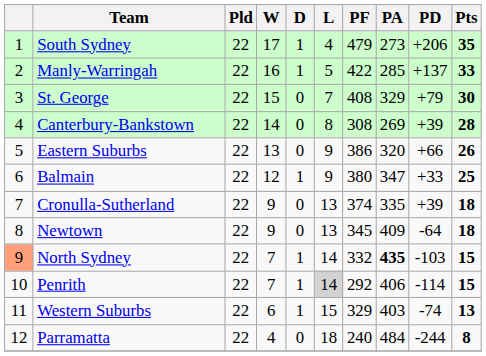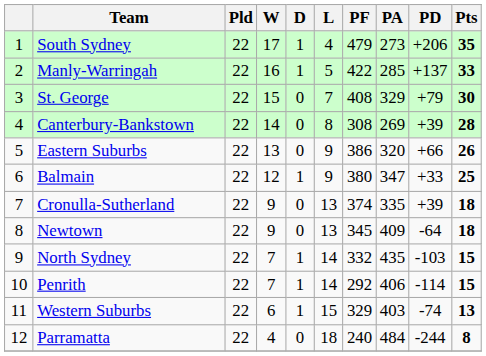 <table class="wikitable" style="text-align:center;">
 <tr>
 <th width=20 abbr="Position×"></th>
 <th width=175>Team</th>
 <th width=20 abbr="Played">Pld</th>
 <th width=20 abbr="Won">W</th>
 <th width=20 abbr="Drawn">D</th>
 <th width=20 abbr="Lost">L</th>
 <th width=20 abbr="Points for">PF</th>
 <th width=20 abbr="Points against">PA</th>
 <th width=20 abbr="Points difference">PD</th>
 <th width=20 abbr="Points">Pts</th>
 </tr>
 <tr style="background: #ccffcc;">
 <td>1</td>
 <td style="text-align:left;"> <a href='#'>South Sydney</a></td>
 <td>22</td>
 <td>17</td>
 <td>1</td>
 <td>4</td>
 <td>479</td>
 <td>273</td>
 <td>+206</td>
 <td><strong>35</strong></td>
 </tr>
 <tr style="background: #ccffcc;">
 <td>2</td>
 <td style="text-align:left;"> <a href='#'>Manly-Warringah</a></td>
 <td>22</td>
 <td>16</td>
 <td>1</td>
 <td>5</td>
 <td>422</td>
 <td>285</td>
 <td>+137</td>
 <td><strong>33</strong></td>
 </tr>
 <tr style="background: #ccffcc;">
 <td>3</td>
 <td style="text-align:left;"> <a href='#'>St. George</a></td>
 <td>22</td>
 <td>15</td>
 <td>0</td>
 <td>7</td>
 <td>408</td>
 <td>329</td>
 <td>+79</td>
 <td><strong>30</strong></td>
 </tr>
 <tr style="background: #ccffcc;">
 <td>4</td>
 <td style="text-align:left;"> <a href='#'>Canterbury-Bankstown</a></td>
 <td>22</td>
 <td>14</td>
 <td>0</td>
 <td>8</td>
 <td>308</td>
 <td>269</td>
 <td>+39</td>
 <td><strong>28</strong></td>
 </tr>
 <tr>
 <td>5</td>
 <td style="text-align:left;"> <a href='#'>Eastern Suburbs</a></td>
 <td>22</td>
 <td>13</td>
 <td>0</td>
 <td>9</td>
 <td>386</td>
 <td>320</td>
 <td>+66</td>
 <td><strong>26</strong></td>
 </tr>
 <tr>
 <td>6</td>
 <td style="text-align:left;"> <a href='#'>Balmain</a></td>
 <td>22</td>
 <td>12</td>
 <td>1</td>
 <td>9</td>
 <td>380</td>
 <td>347</td>
 <td>+33</td>
 <td><strong>25</strong></td>
 </tr>
 <tr>
 <td>7</td>
 <td style="text-align:left;"> <a href='#'>Cronulla-Sutherland</a></td>
 <td>22</td>
 <td>9</td>
 <td>0</td>
 <td>13</td>
 <td>374</td>
 <td>335</td>
 <td>+39</td>
 <td><strong>18</strong></td>
 </tr>
 <tr>
 <td>8</td>
 <td style="text-align:left;"> <a href='#'>Newtown</a></td>
 <td>22</td>
 <td>9</td>
 <td>0</td>
 <td>13</td>
 <td>345</td>
 <td>409</td>
 <td>-64</td>
 <td><strong>18</strong></td>
 </tr>
 <tr>
-<td style="background: lightsalmon;">9</td>
+<td>9</td>
 <td style="text-align:left;"> <a href='#'>North Sydney</a></td>
 <td>22</td>
 <td>7</td>
 <td>1</td>
 <td>14</td>
 <td>332</td>
-<td><strong>435</strong></td>
+<td>435</td>
 <td>-103</td>
 <td><strong>15</strong></td>
 </tr>
 <tr>
 <td>10</td>
 <td style="text-align:left;"> <a href='#'>Penrith</a></td>
 <td>22</td>
 <td>7</td>
 <td>1</td>
-<td style="background: lightgrey;">14</td>
+<td>14</td>
 <td>292</td>
 <td>406</td>
 <td>-114</td>
 <td><strong>15</strong></td>
 </tr>
 <tr>
 <td>11</td>
 <td style="text-align:left;"> <a href='#'>Western Suburbs</a></td>
 <td>22</td>
 <td>6</td>
 <td>1</td>
 <td>15</td>
 <td>329</td>
 <td>403</td>
 <td>-74</td>
 <td><strong>13</strong></td>
 </tr>
 <tr>
 <td>12</td>
 <td style="text-align:left;"> <a href='#'>Parramatta</a></td>
 <td>22</td>
 <td>4</td>
 <td>0</td>
 <td>18</td>
 <td>240</td>
 <td>484</td>
 <td>-244</td>
 <td><strong>8</strong></td>
 </tr>
 <tr>
 </tr>
 </table>
